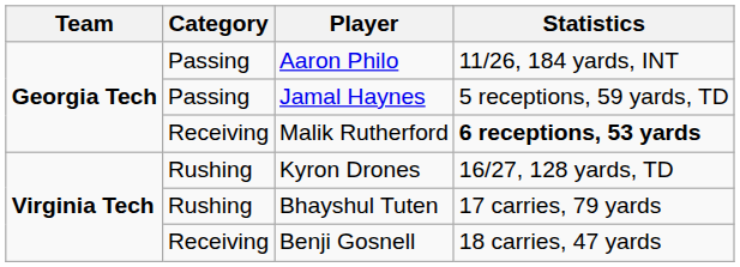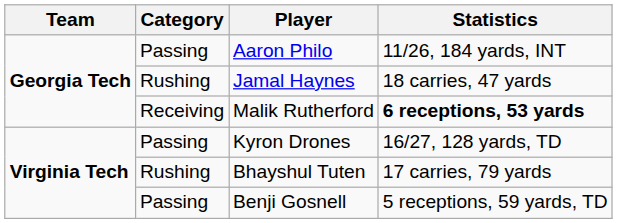 <table class="wikitable" style="float: right;">
 <tr>
 <th>Team</th>
 <th>Category</th>
 <th>Player</th>
 <th>Statistics</th>
 </tr>
 <tr>
 <td rowspan=3><strong>Georgia Tech</strong></td>
 <td>Passing</td>
 <td><a href='#'>Aaron Philo</a></td>
 <td>11/26, 184 yards, INT</td>
 </tr>
 <tr>
-<td>Passing</td>
+<td>Rushing</td>
 <td><a href='#'>Jamal Haynes</a></td>
-<td>5 receptions, 59 yards, TD</td>
+<td>18 carries, 47 yards</td>
 </tr>
 <tr>
 <td>Receiving</td>
 <td>Malik Rutherford</td>
 <td><strong>6 receptions, 53 yards</strong></td>
 </tr>
 <tr>
 <td rowspan=3><strong>Virginia Tech</strong></td>
-<td>Rushing</td>
+<td>Passing</td>
 <td>Kyron Drones</td>
 <td>16/27, 128 yards, TD</td>
 </tr>
 <tr>
 <td>Rushing</td>
 <td>Bhayshul Tuten</td>
 <td>17 carries, 79 yards</td>
 </tr>
 <tr>
-<td>Receiving</td>
+<td>Passing</td>
 <td>Benji Gosnell</td>
-<td>18 carries, 47 yards</td>
+<td>5 receptions, 59 yards, TD</td>
 </tr>
 </table>
